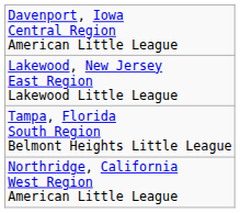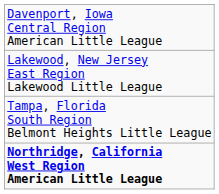 <table class="wikitable">
 <tr>
 <td> <a href='#'>Davenport</a>, <a href='#'>Iowa</a><br><a href='#'>Central Region</a><br>American Little League</td>
 </tr>
 <tr>
 <td> <a href='#'>Lakewood</a>, <a href='#'>New Jersey</a><br><a href='#'>East Region</a><br>Lakewood Little League</td>
 </tr>
 <tr>
 <td> <a href='#'>Tampa</a>, <a href='#'>Florida</a><br><a href='#'>South Region</a><br>Belmont Heights Little League</td>
 </tr>
 <tr>
-<td> <a href='#'>Northridge</a>, <a href='#'>California</a><br><a href='#'>West Region</a><br>American Little League</td>
+<td><strong> <a href='#'>Northridge</a>, <a href='#'>California</a><br><a href='#'>West Region</a><br>American Little League</strong></td>
 </tr>
 </table>
